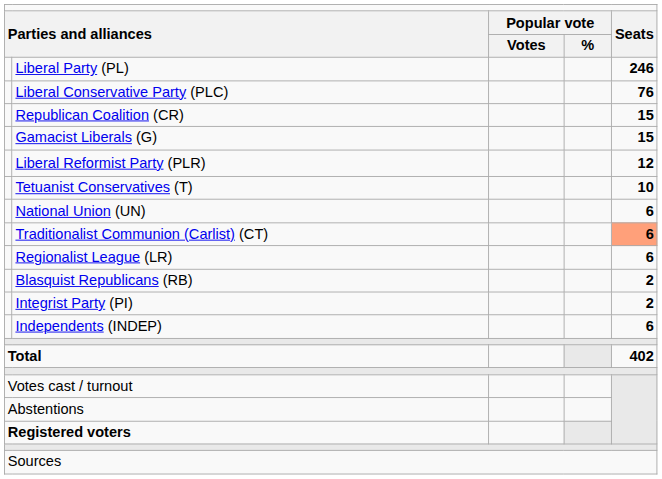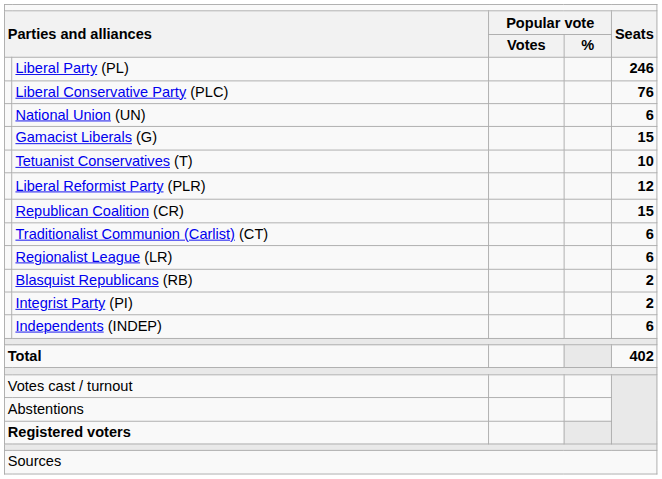 <table class="wikitable" style="text-align:right;">
 <tr>
 <td colspan="5"></td>
 </tr>
 <tr>
 <th style="text-align:left;" rowspan="2" colspan="2" width="525">Parties and alliances</th>
 <th colspan="2">Popular vote</th>
 <th rowspan="2" width="35">Seats</th>
 </tr>
 <tr>
 <th width="75">Votes</th>
 <th width="45">%</th>
 </tr>
 <tr>
 <td width="1" style="color:inherit;background:"></td>
 <td align="left"><a href='#'>Liberal Party</a> (PL)</td>
 <td></td>
 <td></td>
 <td><strong>246</strong></td>
 </tr>
 <tr>
 <td style="color:inherit;background:"></td>
 <td align="left"><a href='#'>Liberal Conservative Party</a> (PLC)</td>
 <td></td>
 <td></td>
 <td><strong>76</strong></td>
 </tr>
 <tr>
 <td style="color:inherit;background:"></td>
-<td align="left"><a href='#'>Republican Coalition</a> (CR)</td>
+<td align="left"><a href='#'>National Union</a> (UN)</td>
 <td></td>
 <td></td>
-<td><strong>15</strong></td>
+<td><strong>6</strong></td>
 </tr>
 <tr>
 <td style="color:inherit;background:"></td>
 <td align="left"><a href='#'>Gamacist Liberals</a> (G)</td>
 <td></td>
 <td></td>
 <td><strong>15</strong></td>
+</tr>
+<tr>
+<td style="color:inherit;background:"></td>
+<td align="left"><a href='#'>Tetuanist Conservatives</a> (T)</td>
+<td></td>
+<td></td>
+<td><strong>10</strong></td>
 </tr>
 <tr style="line-height:22px;">
 <td style="color:inherit;background:"></td>
 <td align="left"><a href='#'>Liberal Reformist Party</a> (PLR)</td>
 <td></td>
 <td></td>
 <td><strong>12</strong></td>
 </tr>
 <tr>
 <td style="color:inherit;background:"></td>
-<td align="left"><a href='#'>Tetuanist Conservatives</a> (T)</td>
+<td align="left"><a href='#'>Republican Coalition</a> (CR)</td>
 <td></td>
 <td></td>
-<td><strong>10</strong></td>
-</tr>
-<tr>
-<td style="color:inherit;background:"></td>
-<td align="left"><a href='#'>National Union</a> (UN)</td>
-<td></td>
-<td></td>
-<td><strong>6</strong></td>
+<td><strong>15</strong></td>
 </tr>
 <tr>
 <td style="color:inherit;background:"></td>
 <td align="left"><a href='#'>Traditionalist Communion (Carlist)</a> (CT)</td>
 <td></td>
 <td></td>
-<td style="background: lightsalmon;"><strong>6</strong></td>
+<td><strong>6</strong></td>
 </tr>
 <tr>
 <td style="color:inherit;background:"></td>
 <td align="left"><a href='#'>Regionalist League</a> (LR)</td>
 <td></td>
 <td></td>
 <td><strong>6</strong></td>
 </tr>
 <tr>
 <td style="color:inherit;background:"></td>
 <td align="left"><a href='#'>Blasquist Republicans</a> (RB)</td>
 <td></td>
 <td></td>
 <td><strong>2</strong></td>
 </tr>
 <tr>
 <td style="color:inherit;background:"></td>
 <td align="left"><a href='#'>Integrist Party</a> (PI)</td>
 <td></td>
 <td></td>
 <td><strong>2</strong></td>
 </tr>
 <tr>
 <td style="color:inherit;background:"></td>
 <td align="left"><a href='#'>Independents</a> (INDEP)</td>
 <td></td>
 <td></td>
 <td><strong>6</strong></td>
 </tr>
 <tr>
 <td colspan="5" bgcolor="#E9E9E9"></td>
 </tr>
 <tr style="font-weight:bold;">
 <td align="left" colspan="2">Total</td>
 <td></td>
 <td bgcolor="#E9E9E9"></td>
 <td>402</td>
 </tr>
 <tr>
 <td colspan="5" bgcolor="#E9E9E9"></td>
 </tr>
 <tr>
 <td align="left" colspan="2">Votes cast / turnout</td>
 <td></td>
 <td></td>
 <td bgcolor="#E9E9E9" rowspan="3"></td>
 </tr>
 <tr>
 <td align="left" colspan="2">Abstentions</td>
 <td></td>
 <td></td>
 </tr>
 <tr style="font-weight:bold;">
 <td align="left" colspan="2">Registered voters</td>
 <td></td>
 <td bgcolor="#E9E9E9"></td>
 </tr>
 <tr>
 <td colspan="5" bgcolor="#E9E9E9"></td>
 </tr>
 <tr>
 <td align="left" colspan="5">Sources</td>
 </tr>
 </table>
